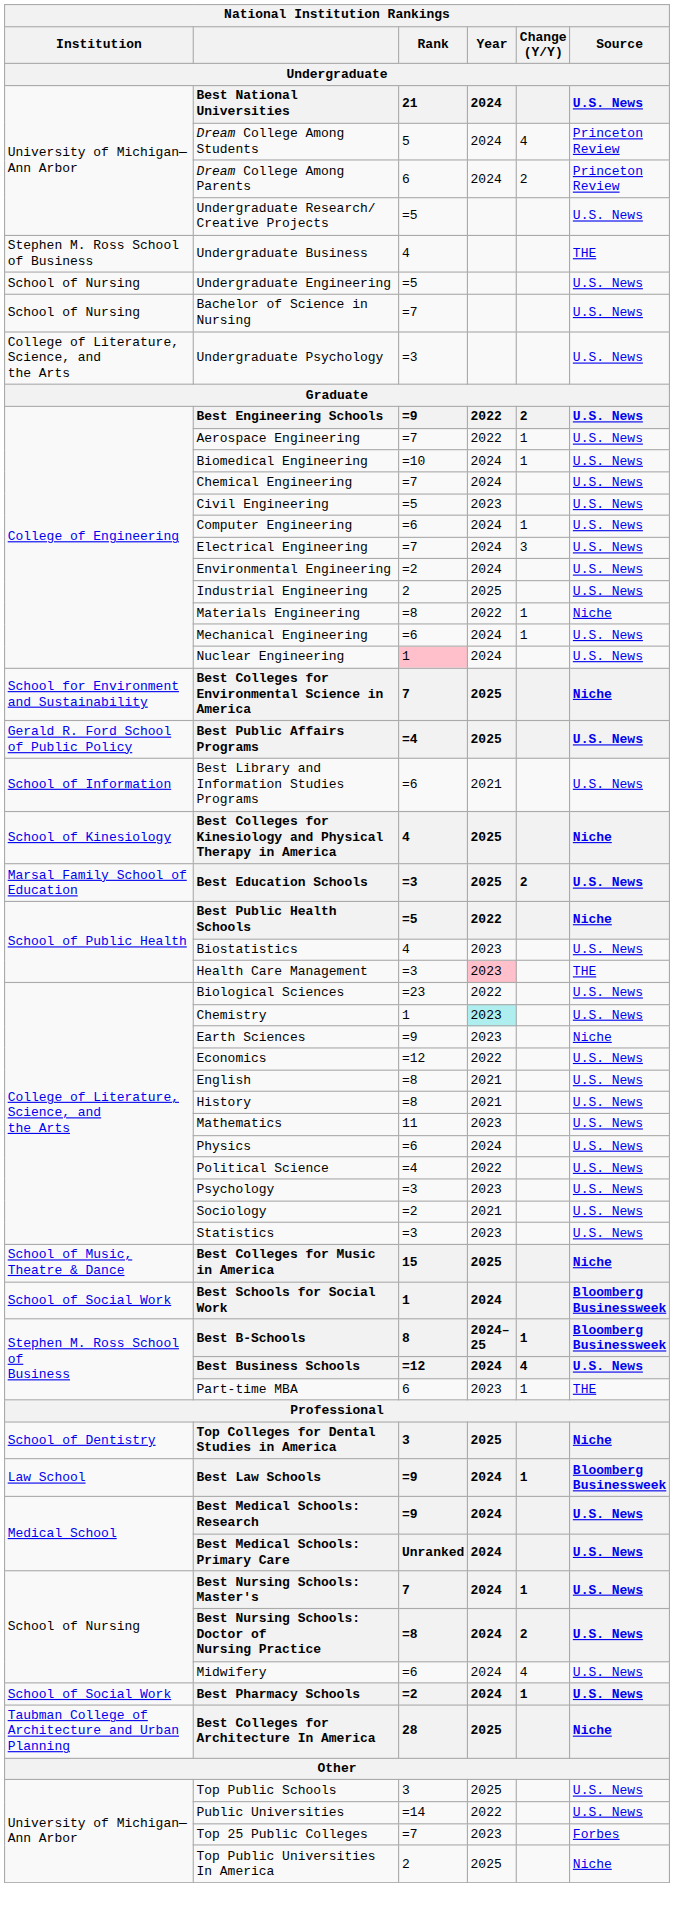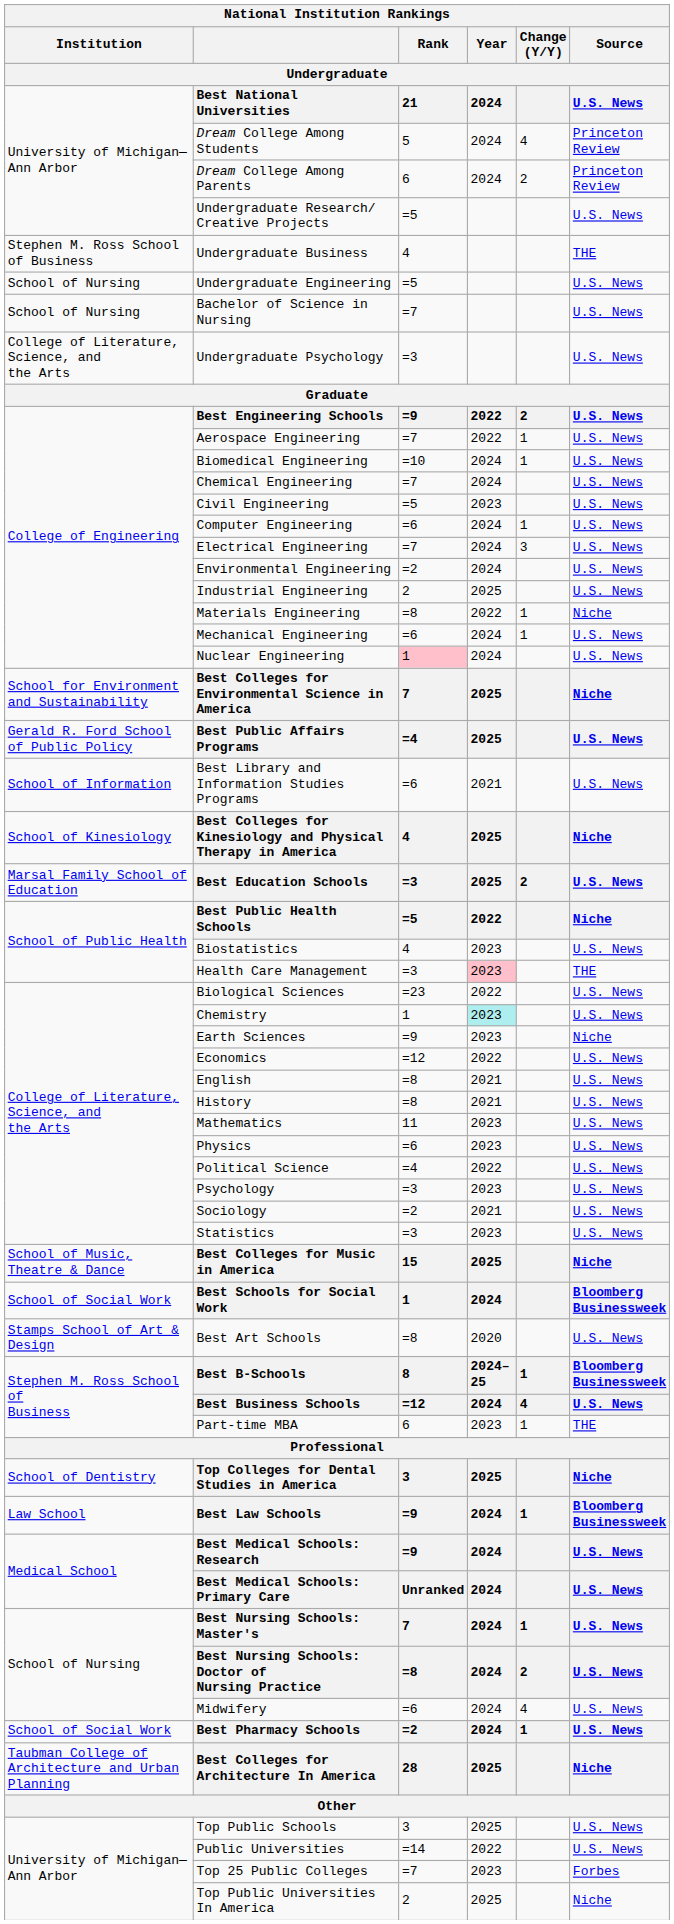 <table class="wikitable collapsible" style="font-size: 90%; width: 600px; text-align: left">
 <tr>
 <th colspan="6">National Institution Rankings</th>
 </tr>
 <tr>
 <th>Institution</th>
 <th></th>
 <th>Rank</th>
 <th>Year</th>
 <th>Change<br>(Y/Y)</th>
 <th>Source</th>
 </tr>
 <tr>
 <th colspan="6">Undergraduate</th>
 </tr>
 <tr>
 <td rowspan="4">University of Michigan—Ann Arbor</td>
 <th style="text-align: left">Best National Universities</th>
 <th style="text-align: left">21</th>
 <th style="text-align: left">2024</th>
 <th style="text-align: left"></th>
 <th style="text-align: left"><a href='#'>U.S. News</a></th>
 </tr>
 <tr>
 <td><em>Dream</em> College Among Students</td>
 <td>5</td>
 <td>2024</td>
 <td> 4</td>
 <td><a href='#'>Princeton <br>Review</a></td>
 </tr>
 <tr>
 <td><em>Dream</em> College Among Parents</td>
 <td>6</td>
 <td>2024</td>
 <td> 2</td>
 <td><a href='#'>Princeton <br>Review</a></td>
 </tr>
 <tr>
 <td>Undergraduate Research/<br>Creative Projects</td>
 <td>=5</td>
 <td></td>
 <td></td>
 <td><a href='#'>U.S. News</a></td>
 </tr>
 <tr>
 <td rowspan="1">Stephen M. Ross School of Business</td>
 <td>Undergraduate Business</td>
 <td>4</td>
 <td></td>
 <td></td>
 <td><a href='#'>THE</a></td>
 </tr>
 <tr>
 <td rowspan="1">School of Nursing</td>
 <td>Undergraduate Engineering</td>
 <td>=5</td>
 <td></td>
 <td></td>
 <td><a href='#'>U.S. News</a></td>
 </tr>
 <tr>
 <td rowspan="1">School of Nursing</td>
 <td>Bachelor of Science in Nursing</td>
 <td>=7</td>
 <td></td>
 <td></td>
 <td><a href='#'>U.S. News</a></td>
 </tr>
 <tr>
 <td rowspan="1">College of Literature, Science, and<br>the Arts</td>
 <td>Undergraduate Psychology</td>
 <td>=3</td>
 <td></td>
 <td></td>
 <td><a href='#'>U.S. News</a></td>
 </tr>
 <tr>
 <th colspan="6">Graduate</th>
 </tr>
 <tr>
 <td rowspan="12"><a href='#'>College of Engineering</a></td>
 <th style="text-align: left">Best Engineering Schools</th>
 <th style="text-align: left">=9</th>
 <th style="text-align: left">2022</th>
 <th style="text-align: left"> 2</th>
 <th style="text-align: left"><a href='#'>U.S. News</a></th>
 </tr>
 <tr>
 <td>Aerospace Engineering</td>
 <td>=7</td>
 <td>2022</td>
 <td> 1</td>
 <td><a href='#'>U.S. News</a></td>
 </tr>
 <tr>
 <td>Biomedical Engineering</td>
 <td>=10</td>
 <td>2024</td>
 <td> 1</td>
 <td><a href='#'>U.S. News</a></td>
 </tr>
 <tr>
 <td>Chemical Engineering</td>
 <td>=7</td>
 <td>2024</td>
 <td></td>
 <td><a href='#'>U.S. News</a></td>
 </tr>
 <tr>
 <td>Civil Engineering</td>
 <td>=5</td>
 <td>2023</td>
 <td></td>
 <td><a href='#'>U.S. News</a></td>
 </tr>
 <tr>
 <td>Computer Engineering</td>
 <td>=6</td>
 <td>2024</td>
 <td> 1</td>
 <td><a href='#'>U.S. News</a></td>
 </tr>
 <tr>
 <td>Electrical Engineering</td>
 <td>=7</td>
 <td>2024</td>
 <td> 3</td>
 <td><a href='#'>U.S. News</a></td>
 </tr>
 <tr>
 <td>Environmental Engineering</td>
 <td>=2</td>
 <td>2024</td>
 <td></td>
 <td><a href='#'>U.S. News</a></td>
 </tr>
 <tr>
 <td>Industrial Engineering</td>
 <td>2</td>
 <td>2025</td>
 <td></td>
 <td><a href='#'>U.S. News</a></td>
 </tr>
 <tr>
 <td>Materials Engineering</td>
 <td>=8</td>
 <td>2022</td>
 <td> 1</td>
 <td><a href='#'>Niche</a></td>
 </tr>
 <tr>
 <td>Mechanical Engineering</td>
 <td>=6</td>
 <td>2024</td>
 <td> 1</td>
 <td><a href='#'>U.S. News</a></td>
 </tr>
 <tr>
 <td>Nuclear Engineering</td>
 <td style="background: pink;">1</td>
 <td>2024</td>
 <td></td>
 <td><a href='#'>U.S. News</a></td>
 </tr>
 <tr>
 <td><a href='#'>School for Environment and Sustainability</a></td>
 <th style="text-align: left">Best Colleges for Environmental Science in America</th>
 <th style="text-align: left">7</th>
 <th style="text-align: left">2025</th>
 <th style="text-align: left"></th>
 <th style="text-align: left"><a href='#'>Niche</a></th>
 </tr>
 <tr>
 <td><a href='#'>Gerald R. Ford School of Public Policy</a></td>
 <th style="text-align: left">Best Public Affairs Programs</th>
 <th style="text-align: left">=4</th>
 <th style="text-align: left">2025</th>
 <th style="text-align: left"></th>
 <th style="text-align: left"><a href='#'>U.S. News</a></th>
 </tr>
 <tr>
 <td><a href='#'>School of Information</a></td>
 <td>Best Library and<br>Information Studies Programs</td>
 <td>=6</td>
 <td>2021</td>
 <td></td>
 <td><a href='#'>U.S. News</a></td>
 </tr>
 <tr>
 <td><a href='#'>School of Kinesiology</a></td>
 <th style="text-align: left">Best Colleges for Kinesiology and Physical Therapy in America</th>
 <th style="text-align: left">4</th>
 <th style="text-align: left">2025</th>
 <th style="text-align: left"></th>
 <th style="text-align: left"><a href='#'>Niche</a></th>
 </tr>
 <tr>
 <td><a href='#'>Marsal Family School of Education</a></td>
 <th style="text-align: left">Best Education Schools</th>
 <th style="text-align: left">=3</th>
 <th style="text-align: left">2025</th>
 <th style="text-align: left"> 2</th>
 <th style="text-align: left"><a href='#'>U.S. News</a></th>
 </tr>
 <tr>
 <td rowspan="3"><a href='#'>School of Public Health</a></td>
 <th style="text-align: left">Best Public Health Schools</th>
 <th style="text-align: left">=5</th>
 <th style="text-align: left">2022</th>
 <th style="text-align: left"></th>
 <th style="text-align: left"><a href='#'>Niche</a></th>
 </tr>
 <tr>
 <td>Biostatistics</td>
 <td>4</td>
 <td>2023</td>
 <td></td>
 <td><a href='#'>U.S. News</a></td>
 </tr>
 <tr>
 <td>Health Care Management</td>
 <td>=3</td>
 <td style="background: pink;">2023</td>
 <td></td>
 <td><a href='#'>THE</a></td>
 </tr>
 <tr>
 <td rowspan="12"><a href='#'>College of Literature, Science, and<br>the Arts</a></td>
 <td>Biological Sciences</td>
 <td>=23</td>
 <td>2022</td>
 <td></td>
 <td><a href='#'>U.S. News</a></td>
 </tr>
 <tr>
 <td>Chemistry</td>
 <td>1</td>
 <td style="background: paleturquoise;">2023</td>
 <td></td>
 <td><a href='#'>U.S. News</a></td>
 </tr>
 <tr>
 <td>Earth Sciences</td>
 <td>=9</td>
 <td>2023</td>
 <td></td>
 <td><a href='#'>Niche</a></td>
 </tr>
 <tr>
 <td>Economics</td>
 <td>=12</td>
 <td>2022</td>
 <td></td>
 <td><a href='#'>U.S. News</a></td>
 </tr>
 <tr>
 <td>English</td>
 <td>=8</td>
 <td>2021</td>
 <td></td>
 <td><a href='#'>U.S. News</a></td>
 </tr>
 <tr>
 <td>History</td>
 <td>=8</td>
 <td>2021</td>
 <td></td>
 <td><a href='#'>U.S. News</a></td>
 </tr>
 <tr>
 <td>Mathematics</td>
 <td>11</td>
 <td>2023</td>
 <td></td>
 <td><a href='#'>U.S. News</a></td>
 </tr>
 <tr>
 <td>Physics</td>
 <td>=6</td>
-<td>2024</td>
+<td>2023</td>
 <td></td>
 <td><a href='#'>U.S. News</a></td>
 </tr>
 <tr>
 <td>Political Science</td>
 <td>=4</td>
 <td>2022</td>
 <td></td>
 <td><a href='#'>U.S. News</a></td>
 </tr>
 <tr>
 <td>Psychology</td>
 <td>=3</td>
 <td>2023</td>
 <td></td>
 <td><a href='#'>U.S. News</a></td>
 </tr>
 <tr>
 <td>Sociology</td>
 <td>=2</td>
 <td>2021</td>
 <td></td>
 <td><a href='#'>U.S. News</a></td>
 </tr>
 <tr>
 <td>Statistics</td>
 <td>=3</td>
 <td>2023</td>
 <td></td>
 <td><a href='#'>U.S. News</a></td>
 </tr>
 <tr>
 <td><a href='#'>School of Music, Theatre & Dance</a></td>
 <th style="text-align: left">Best Colleges for Music in America</th>
 <th style="text-align: left">15</th>
 <th style="text-align: left">2025</th>
 <th style="text-align: left"></th>
 <th style="text-align: left"><a href='#'>Niche</a></th>
 </tr>
 <tr>
 <td><a href='#'>School of Social Work</a></td>
 <th style="text-align: left">Best Schools for Social Work</th>
 <th style="text-align: left">1</th>
 <th style="text-align: left">2024</th>
 <th style="text-align: left"></th>
 <th style="text-align: left"><a href='#'>Bloomberg <br>Businessweek</a></th>
+</tr>
+<tr>
+<td><a href='#'>Stamps School of Art & Design</a></td>
+<td>Best Art Schools</td>
+<td>=8</td>
+<td>2020</td>
+<td></td>
+<td><a href='#'>U.S. News</a></td>
 </tr>
 <tr>
 <td rowspan="3"><a href='#'>Stephen M. Ross School of<br>Business</a></td>
 <th style="text-align: left">Best B-Schools</th>
 <th style="text-align: left">8</th>
 <th style="text-align: left">2024–25</th>
 <th style="text-align: left"> 1</th>
 <th style="text-align: left"><a href='#'>Bloomberg <br>Businessweek</a></th>
 </tr>
 <tr>
 <th style="text-align: left">Best Business Schools</th>
 <th style="text-align: left">=12</th>
 <th style="text-align: left">2024</th>
 <th style="text-align: left"> 4</th>
 <th style="text-align: left"><a href='#'>U.S. News</a></th>
 </tr>
 <tr>
 <td>Part-time MBA</td>
 <td>6</td>
 <td>2023</td>
 <td> 1</td>
 <td><a href='#'>THE</a></td>
 </tr>
 <tr>
 <th colspan="6">Professional</th>
 </tr>
 <tr>
 <td><a href='#'>School of Dentistry</a></td>
 <th style="text-align: left">Top Colleges for Dental Studies in America</th>
 <th style="text-align: left">3</th>
 <th style="text-align: left">2025</th>
 <th style="text-align: left"></th>
 <th style="text-align: left"><a href='#'>Niche</a></th>
 </tr>
 <tr>
 <td><a href='#'>Law School</a></td>
 <th style="text-align: left">Best Law Schools</th>
 <th style="text-align: left">=9</th>
 <th style="text-align: left">2024</th>
 <th style="text-align: left"> 1</th>
 <th style="text-align: left"><a href='#'>Bloomberg <br>Businessweek</a></th>
 </tr>
 <tr>
 <td rowspan="2"><a href='#'>Medical School</a></td>
 <th style="text-align: left">Best Medical Schools: Research</th>
 <th style="text-align: left">=9</th>
 <th style="text-align: left">2024</th>
 <th style="text-align: left"></th>
 <th style="text-align: left"><a href='#'>U.S. News</a></th>
 </tr>
 <tr>
 <th style="text-align: left">Best Medical Schools: Primary Care</th>
 <th style="text-align: left">Unranked</th>
 <th style="text-align: left">2024</th>
 <th style="text-align: left"></th>
 <th style="text-align: left"><a href='#'>U.S. News</a></th>
 </tr>
 <tr>
 <td rowspan="3">School of Nursing</td>
 <th style="text-align: left">Best Nursing Schools: Master's</th>
 <th style="text-align: left">7</th>
 <th style="text-align: left">2024</th>
 <th style="text-align: left"> 1</th>
 <th style="text-align: left"><a href='#'>U.S. News</a></th>
 </tr>
 <tr>
 <th style="text-align: left">Best Nursing Schools: Doctor of<br>Nursing Practice</th>
 <th style="text-align: left">=8</th>
 <th style="text-align: left">2024</th>
 <th style="text-align: left"> 2</th>
 <th style="text-align: left"><a href='#'>U.S. News</a></th>
 </tr>
 <tr>
 <td>Midwifery</td>
 <td>=6</td>
 <td>2024</td>
 <td> 4</td>
 <td><a href='#'>U.S. News</a></td>
 </tr>
 <tr>
 <td><a href='#'>School of Social Work</a></td>
 <th style="text-align: left">Best Pharmacy Schools</th>
 <th style="text-align: left">=2</th>
 <th style="text-align: left">2024</th>
 <th style="text-align: left"> 1</th>
 <th style="text-align: left"><a href='#'>U.S. News</a></th>
 </tr>
 <tr>
 <td><a href='#'>Taubman College of Architecture and Urban Planning</a></td>
 <th style="text-align: left">Best Colleges for Architecture In America</th>
 <th style="text-align: left">28</th>
 <th style="text-align: left">2025</th>
 <th style="text-align: left"></th>
 <th style="text-align: left"><a href='#'>Niche</a></th>
 </tr>
 <tr>
 <th colspan="6">Other</th>
 </tr>
 <tr>
 <td rowspan="5">University of Michigan—Ann Arbor</td>
 <td>Top Public Schools</td>
 <td>3</td>
 <td>2025</td>
 <td></td>
 <td><a href='#'>U.S. News</a></td>
 </tr>
 <tr>
 <td>Public Universities</td>
 <td>=14</td>
 <td>2022</td>
 <td></td>
 <td><a href='#'>U.S. News</a></td>
 </tr>
 <tr>
 <td>Top 25 Public Colleges</td>
 <td>=7</td>
 <td>2023</td>
 <td></td>
 <td><a href='#'>Forbes</a></td>
 </tr>
 <tr>
 <td>Top Public Universities In America</td>
 <td>2</td>
 <td>2025</td>
 <td></td>
 <td><a href='#'>Niche</a></td>
 </tr>
 </table>
